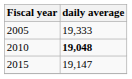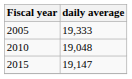 <table class="wikitable">
 <tr>
 <th>Fiscal year</th>
 <th>daily average</th>
 </tr>
 <tr>
 <td>2005</td>
 <td>19,333</td>
 </tr>
 <tr>
 <td>2010</td>
-<td><strong>19,048</strong></td>
+<td>19,048</td>
 </tr>
 <tr>
 <td>2015</td>
 <td>19,147</td>
 </tr>
 <tr>
 </tr>
 </table>
